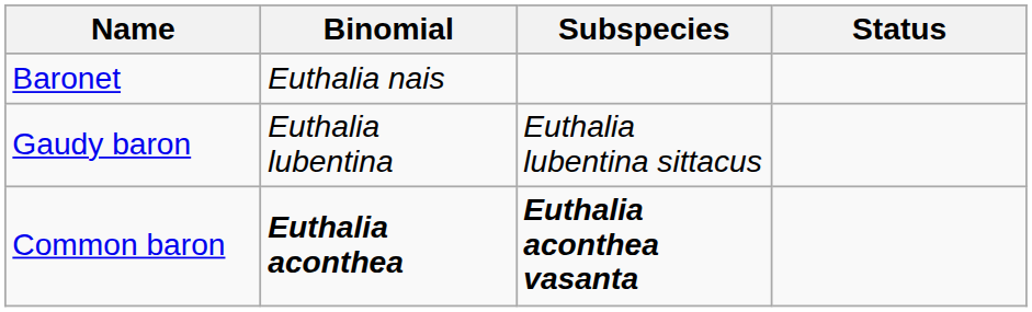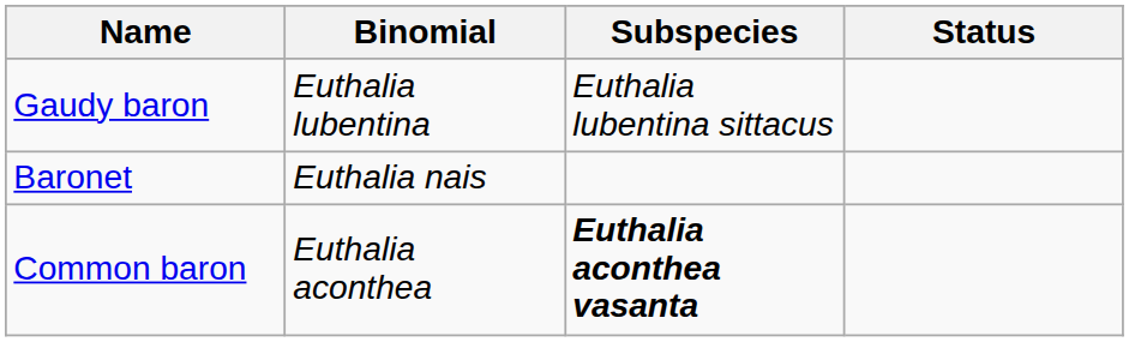 <table width=60% class="wikitable">
 <tr>
 <th width=20%>Name</th>
 <th width=20%>Binomial</th>
 <th width=20%>Subspecies</th>
 <th width=20%>Status</th>
 </tr>
 <tr>
+<td><a href='#'>Gaudy baron</a><br> </td>
+<td><em>Euthalia lubentina</em></td>
+<td><em>Euthalia lubentina sittacus</em></td>
+<td></td>
+</tr>
+<tr>
 <td><a href='#'>Baronet</a><br>  </td>
 <td><em>Euthalia nais</em></td>
 <td></td>
 <td></td>
 </tr>
 <tr>
-<td><a href='#'>Gaudy baron</a><br> </td>
-<td><em>Euthalia lubentina</em></td>
-<td><em>Euthalia lubentina sittacus</em></td>
-<td></td>
-</tr>
-<tr>
 <td><a href='#'>Common baron</a><br>  </td>
-<td><strong><em>Euthalia aconthea</em></strong></td>
+<td><em>Euthalia aconthea</em></td>
 <td><strong><em>Euthalia aconthea vasanta</em></strong></td>
 <td></td>
 </tr>
 </table>
